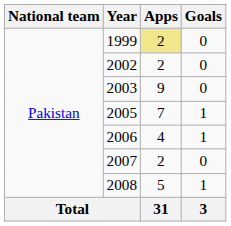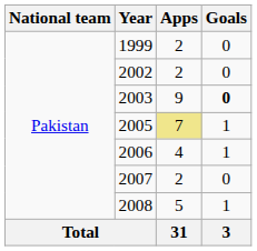 <table class="wikitable" style="text-align:center">
 <tr>
 <th>National team</th>
 <th>Year</th>
 <th>Apps</th>
 <th>Goals</th>
 </tr>
 <tr>
 <td rowspan="7"><a href='#'>Pakistan</a></td>
 <td>1999</td>
-<td style="background: khaki;">2</td>
+<td>2</td>
 <td>0</td>
 </tr>
 <tr>
 <td>2002</td>
 <td>2</td>
 <td>0</td>
 </tr>
 <tr>
 <td>2003</td>
 <td>9</td>
-<td>0</td>
+<td><strong>0</strong></td>
 </tr>
 <tr>
 <td>2005</td>
-<td>7</td>
+<td style="background: khaki;">7</td>
 <td>1</td>
 </tr>
 <tr>
 <td>2006</td>
 <td>4</td>
 <td>1</td>
 </tr>
 <tr>
 <td>2007</td>
 <td>2</td>
 <td>0</td>
 </tr>
 <tr>
 <td>2008</td>
 <td>5</td>
 <td>1</td>
 </tr>
 <tr>
 <th colspan="2">Total</th>
 <th>31</th>
 <th>3</th>
 </tr>
 </table>
